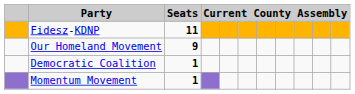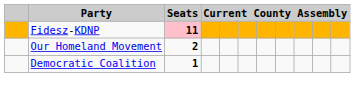 <table class="wikitable">
 <tr>
 <th style="background:#ccc">   </th>
 <th style="background:#ccc">Party</th>
 <th style="background:#ccc">Seats</th>
 <th style="background:#ccc" colspan="8">Current County Assembly</th>
 </tr>
 <tr>
 <td style="background-color: #FFB400"> </td>
 <td><a href='#'>Fidesz</a>-<a href='#'>KDNP</a></td>
-<td style="text-align: right"><strong>11</strong></td>
+<td style="background: pink; text-align: right"><strong>11</strong></td>
 <td style="background-color: #FFB400"> </td>
 <td style="background-color: #FFB400"> </td>
 <td style="background-color: #FFB400"> </td>
 <td style="background-color: #FFB400"> </td>
 <td style="background-color: #FFB400"> </td>
 <td style="background-color: #FFB400"> </td>
 <td style="background-color: #FFB400"> </td>
 <td style="background-color: #FFB400"> </td>
 </tr>
 <tr>
 <td style="background-color: "> </td>
 <td><a href='#'>Our Homeland Movement</a></td>
-<td style="text-align: right"><strong>9</strong></td>
+<td style="text-align: right"><strong>2</strong></td>
 <td style="background-color: "> </td>
 <td style="background-color: "> </td>
 <td> </td>
 <td> </td>
 <td> </td>
 <td> </td>
 <td> </td>
 <td> </td>
 </tr>
 <tr>
 <td style="background-color: "> </td>
 <td><a href='#'>Democratic Coalition</a></td>
 <td style="text-align: right"><strong>1</strong></td>
 <td style="background-color: "> </td>
 <td> </td>
 <td> </td>
 <td> </td>
 <td> </td>
 <td> </td>
 <td> </td>
 <td> </td>
 </tr>
-<tr>
-<td style="background-color: #8E6FCE"> </td>
-<td><a href='#'>Momentum Movement</a></td>
-<td style="text-align: right"><strong>1</strong></td>
-<td style="background-color: #8E6FCE"> </td>
-<td> </td>
-<td> </td>
-<td> </td>
-<td> </td>
-<td> </td>
-<td> </td>
-<td> </td>
-</tr>
 </table>
